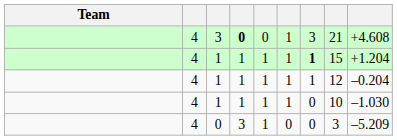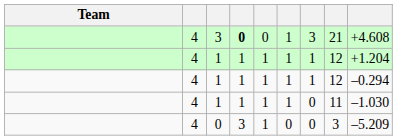 <table class="wikitable" style="text-align:center">
 <tr>
 <th width=200>Team</th>
 <th width=20></th>
 <th width=20></th>
 <th width=20></th>
 <th width=20></th>
 <th width=20></th>
 <th width=20></th>
 <th width=20></th>
 <th width=45></th>
 </tr>
 <tr style="background:#cfc">
 <td align="left"></td>
 <td>4</td>
 <td>3</td>
 <td><strong>0</strong></td>
 <td>0</td>
 <td>1</td>
 <td>3</td>
 <td>21</td>
 <td>+4.608</td>
 </tr>
 <tr style="background:#cfc">
 <td align="left"></td>
 <td>4</td>
 <td>1</td>
 <td>1</td>
 <td>1</td>
 <td>1</td>
-<td><strong>1</strong></td>
-<td>15</td>
+<td>1</td>
+<td>12</td>
 <td>+1.204</td>
 </tr>
 <tr>
 <td align="left"></td>
 <td>4</td>
 <td>1</td>
 <td>1</td>
 <td>1</td>
 <td>1</td>
 <td>1</td>
 <td>12</td>
-<td>–0.204</td>
+<td>–0.294</td>
 </tr>
 <tr>
 <td align="left"></td>
 <td>4</td>
 <td>1</td>
 <td>1</td>
 <td>1</td>
 <td>1</td>
 <td>0</td>
-<td>10</td>
+<td>11</td>
 <td>–1.030</td>
 </tr>
 <tr>
 <td align="left"></td>
 <td>4</td>
 <td>0</td>
 <td>3</td>
 <td>1</td>
 <td>0</td>
 <td>0</td>
 <td>3</td>
 <td>–5.209</td>
 </tr>
 </table>
